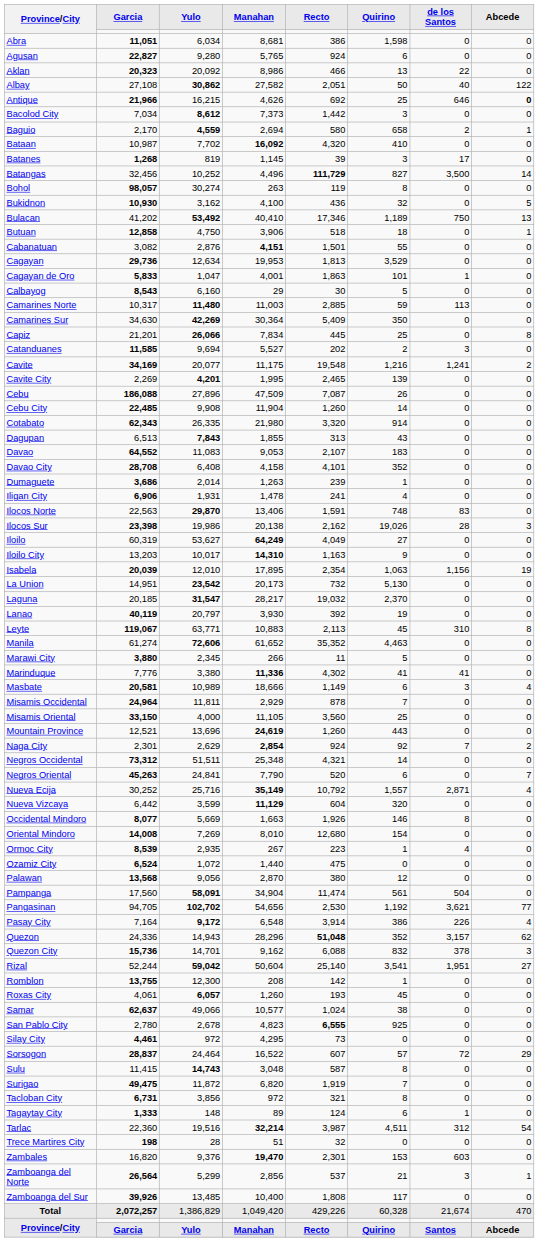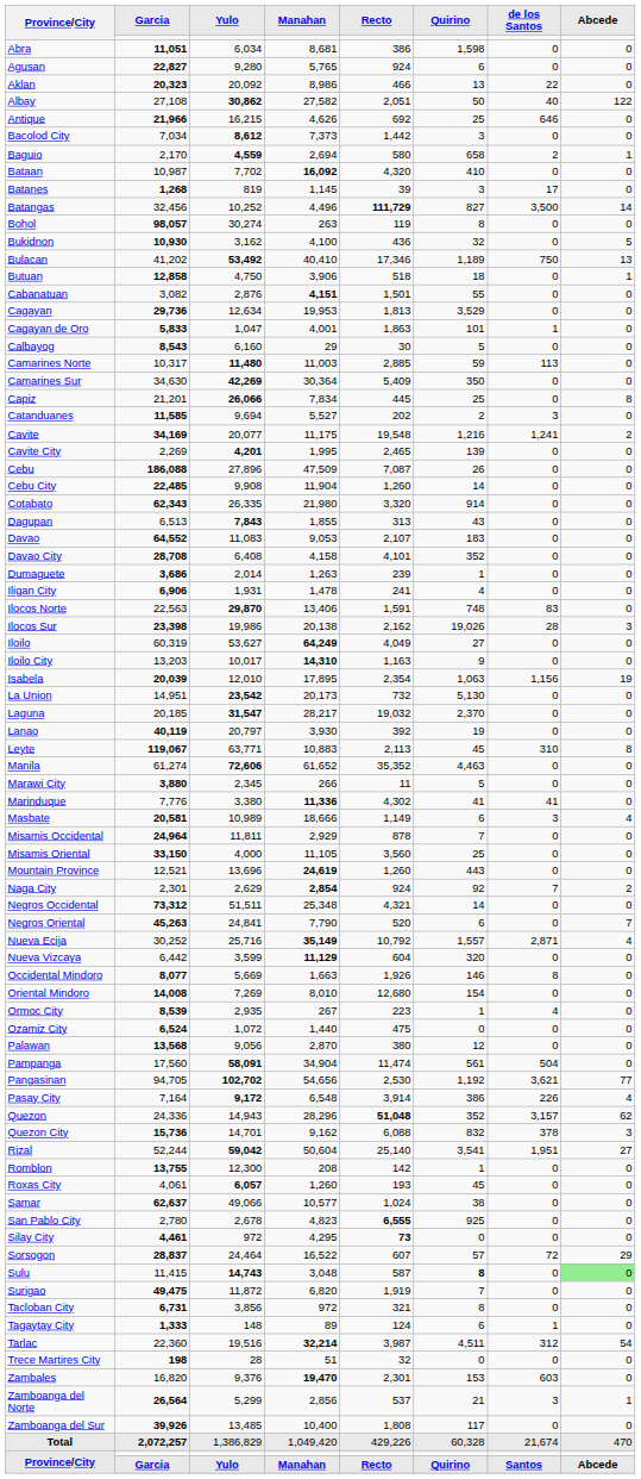 <table class="wikitable" style="text-align:right; font-size:95%">
 <tr>
 <th rowspan="2" align="left" width="150px"><a href='#'>Province</a>/<a href='#'>City</a></th>
 <th align="center" width="100px" style="background: #E9E9E9"><a href='#'>Garcia</a></th>
 <th align="center" width="100px" style="background: #E9E9E9"><a href='#'>Yulo</a></th>
 <th align="center" width="100px" style="background: #E9E9E9"><a href='#'>Manahan</a></th>
 <th align="center" width="100px" style="background: #E9E9E9"><a href='#'>Recto</a></th>
 <th align="center" width="100px" style="background: #E9E9E9"><a href='#'>Quirino</a></th>
 <th align="center" width="100px" style="background: #E9E9E9"><a href='#'>de los Santos</a></th>
 <th align="center" width="100px" style="background: #E9E9E9">Abcede</th>
 </tr>
 <tr>
 <td></td>
 <td></td>
 <td></td>
 <td></td>
 <td></td>
 <td></td>
 <td></td>
 </tr>
 <tr>
 <td align="left"><a href='#'>Abra</a></td>
 <td><strong>11,051</strong></td>
 <td>6,034</td>
 <td>8,681</td>
 <td>386</td>
 <td>1,598</td>
 <td>0</td>
 <td>0</td>
 </tr>
 <tr>
 <td align="left"><a href='#'>Agusan</a></td>
 <td><strong>22,827</strong></td>
 <td>9,280</td>
 <td>5,765</td>
 <td>924</td>
 <td>6</td>
 <td>0</td>
 <td>0</td>
 </tr>
 <tr>
 <td align="left"><a href='#'>Aklan</a></td>
 <td><strong>20,323</strong></td>
 <td>20,092</td>
 <td>8,986</td>
 <td>466</td>
 <td>13</td>
 <td>22</td>
 <td>0</td>
 </tr>
 <tr>
 <td align="left"><a href='#'>Albay</a></td>
 <td>27,108</td>
 <td><strong>30,862</strong></td>
 <td>27,582</td>
 <td>2,051</td>
 <td>50</td>
 <td>40</td>
 <td>122</td>
 </tr>
 <tr>
 <td align="left"><a href='#'>Antique</a></td>
 <td><strong>21,966</strong></td>
 <td>16,215</td>
 <td>4,626</td>
 <td>692</td>
 <td>25</td>
 <td>646</td>
-<td><strong>0</strong></td>
+<td>0</td>
 </tr>
 <tr>
 <td align="left"><a href='#'>Bacolod City</a></td>
 <td>7,034</td>
 <td><strong>8,612</strong></td>
 <td>7,373</td>
 <td>1,442</td>
 <td>3</td>
 <td>0</td>
 <td>0</td>
 </tr>
 <tr>
 <td align="left"><a href='#'>Baguio</a></td>
 <td>2,170</td>
 <td><strong>4,559</strong></td>
 <td>2,694</td>
 <td>580</td>
 <td>658</td>
 <td>2</td>
 <td>1</td>
 </tr>
 <tr>
 <td align="left"><a href='#'>Bataan</a></td>
 <td>10,987</td>
 <td>7,702</td>
 <td><strong>16,092</strong></td>
 <td>4,320</td>
 <td>410</td>
 <td>0</td>
 <td>0</td>
 </tr>
 <tr>
 <td align="left"><a href='#'>Batanes</a></td>
 <td><strong>1,268</strong></td>
 <td>819</td>
 <td>1,145</td>
 <td>39</td>
 <td>3</td>
 <td>17</td>
 <td>0</td>
 </tr>
 <tr>
 <td align="left"><a href='#'>Batangas</a></td>
 <td>32,456</td>
 <td>10,252</td>
 <td>4,496</td>
 <td><strong>111,729</strong></td>
 <td>827</td>
 <td>3,500</td>
 <td>14</td>
 </tr>
 <tr>
 <td align="left"><a href='#'>Bohol</a></td>
 <td><strong>98,057</strong></td>
 <td>30,274</td>
 <td>263</td>
 <td>119</td>
 <td>8</td>
 <td>0</td>
 <td>0</td>
 </tr>
 <tr>
 <td align="left"><a href='#'>Bukidnon</a></td>
 <td><strong>10,930</strong></td>
 <td>3,162</td>
 <td>4,100</td>
 <td>436</td>
 <td>32</td>
 <td>0</td>
 <td>5</td>
 </tr>
 <tr>
 <td align="left"><a href='#'>Bulacan</a></td>
 <td>41,202</td>
 <td><strong>53,492</strong></td>
 <td>40,410</td>
 <td>17,346</td>
 <td>1,189</td>
 <td>750</td>
 <td>13</td>
 </tr>
 <tr>
 <td align="left"><a href='#'>Butuan</a></td>
 <td><strong>12,858</strong></td>
 <td>4,750</td>
 <td>3,906</td>
 <td>518</td>
 <td>18</td>
 <td>0</td>
 <td>1</td>
 </tr>
 <tr>
 <td align="left"><a href='#'>Cabanatuan</a></td>
 <td>3,082</td>
 <td>2,876</td>
 <td><strong>4,151</strong></td>
 <td>1,501</td>
 <td>55</td>
 <td>0</td>
 <td>0</td>
 </tr>
 <tr>
 <td align="left"><a href='#'>Cagayan</a></td>
 <td><strong>29,736</strong></td>
 <td>12,634</td>
 <td>19,953</td>
 <td>1,813</td>
 <td>3,529</td>
 <td>0</td>
 <td>0</td>
 </tr>
 <tr>
 <td align="left"><a href='#'>Cagayan de Oro</a></td>
 <td><strong>5,833</strong></td>
 <td>1,047</td>
 <td>4,001</td>
 <td>1,863</td>
 <td>101</td>
 <td>1</td>
 <td>0</td>
 </tr>
 <tr>
 <td align="left"><a href='#'>Calbayog</a></td>
 <td><strong>8,543</strong></td>
 <td>6,160</td>
 <td>29</td>
 <td>30</td>
 <td>5</td>
 <td>0</td>
 <td>0</td>
 </tr>
 <tr>
 <td align="left"><a href='#'>Camarines Norte</a></td>
 <td>10,317</td>
 <td><strong>11,480</strong></td>
 <td>11,003</td>
 <td>2,885</td>
 <td>59</td>
 <td>113</td>
 <td>0</td>
 </tr>
 <tr>
 <td align="left"><a href='#'>Camarines Sur</a></td>
 <td>34,630</td>
 <td><strong>42,269</strong></td>
 <td>30,364</td>
 <td>5,409</td>
 <td>350</td>
 <td>0</td>
 <td>0</td>
 </tr>
 <tr>
 <td align="left"><a href='#'>Capiz</a></td>
 <td>21,201</td>
 <td><strong>26,066</strong></td>
 <td>7,834</td>
 <td>445</td>
 <td>25</td>
 <td>0</td>
 <td>8</td>
 </tr>
 <tr>
 <td align="left"><a href='#'>Catanduanes</a></td>
 <td><strong>11,585</strong></td>
 <td>9,694</td>
 <td>5,527</td>
 <td>202</td>
 <td>2</td>
 <td>3</td>
 <td>0</td>
 </tr>
 <tr>
 <td align="left"><a href='#'>Cavite</a></td>
 <td><strong>34,169</strong></td>
 <td>20,077</td>
 <td>11,175</td>
 <td>19,548</td>
 <td>1,216</td>
 <td>1,241</td>
 <td>2</td>
 </tr>
 <tr>
 <td align="left"><a href='#'>Cavite City</a></td>
 <td>2,269</td>
 <td><strong>4,201</strong></td>
 <td>1,995</td>
 <td>2,465</td>
 <td>139</td>
 <td>0</td>
 <td>0</td>
 </tr>
 <tr>
 <td align="left"><a href='#'>Cebu</a></td>
 <td><strong>186,088</strong></td>
 <td>27,896</td>
 <td>47,509</td>
 <td>7,087</td>
 <td>26</td>
 <td>0</td>
 <td>0</td>
 </tr>
 <tr>
 <td align="left"><a href='#'>Cebu City</a></td>
 <td><strong>22,485</strong></td>
 <td>9,908</td>
 <td>11,904</td>
 <td>1,260</td>
 <td>14</td>
 <td>0</td>
 <td>0</td>
 </tr>
 <tr>
 <td align="left"><a href='#'>Cotabato</a></td>
 <td><strong>62,343</strong></td>
 <td>26,335</td>
 <td>21,980</td>
 <td>3,320</td>
 <td>914</td>
 <td>0</td>
 <td>0</td>
 </tr>
 <tr>
 <td align="left"><a href='#'>Dagupan</a></td>
 <td>6,513</td>
 <td><strong>7,843</strong></td>
 <td>1,855</td>
 <td>313</td>
 <td>43</td>
 <td>0</td>
 <td>0</td>
 </tr>
 <tr>
 <td align="left"><a href='#'>Davao</a></td>
 <td><strong>64,552</strong></td>
 <td>11,083</td>
 <td>9,053</td>
 <td>2,107</td>
 <td>183</td>
 <td>0</td>
 <td>0</td>
 </tr>
 <tr>
 <td align="left"><a href='#'>Davao City</a></td>
 <td><strong>28,708</strong></td>
 <td>6,408</td>
 <td>4,158</td>
 <td>4,101</td>
 <td>352</td>
 <td>0</td>
 <td>0</td>
 </tr>
 <tr>
 <td align="left"><a href='#'>Dumaguete</a></td>
 <td><strong>3,686</strong></td>
 <td>2,014</td>
 <td>1,263</td>
 <td>239</td>
 <td>1</td>
 <td>0</td>
 <td>0</td>
 </tr>
 <tr>
 <td align="left"><a href='#'>Iligan City</a></td>
 <td><strong>6,906</strong></td>
 <td>1,931</td>
 <td>1,478</td>
 <td>241</td>
 <td>4</td>
 <td>0</td>
 <td>0</td>
 </tr>
 <tr>
 <td align="left"><a href='#'>Ilocos Norte</a></td>
 <td>22,563</td>
 <td><strong>29,870</strong></td>
 <td>13,406</td>
 <td>1,591</td>
 <td>748</td>
 <td>83</td>
 <td>0</td>
 </tr>
 <tr>
 <td align="left"><a href='#'>Ilocos Sur</a></td>
 <td><strong>23,398</strong></td>
 <td>19,986</td>
 <td>20,138</td>
 <td>2,162</td>
 <td>19,026</td>
 <td>28</td>
 <td>3</td>
 </tr>
 <tr>
 <td align="left"><a href='#'>Iloilo</a></td>
 <td>60,319</td>
 <td>53,627</td>
 <td><strong>64,249</strong></td>
 <td>4,049</td>
 <td>27</td>
 <td>0</td>
 <td>0</td>
 </tr>
 <tr>
 <td align="left"><a href='#'>Iloilo City</a></td>
 <td>13,203</td>
 <td>10,017</td>
 <td><strong>14,310</strong></td>
 <td>1,163</td>
 <td>9</td>
 <td>0</td>
 <td>0</td>
 </tr>
 <tr>
 <td align="left"><a href='#'>Isabela</a></td>
 <td><strong>20,039</strong></td>
 <td>12,010</td>
 <td>17,895</td>
 <td>2,354</td>
 <td>1,063</td>
 <td>1,156</td>
 <td>19</td>
 </tr>
 <tr>
 <td align="left"><a href='#'>La Union</a></td>
 <td>14,951</td>
 <td><strong>23,542</strong></td>
 <td>20,173</td>
 <td>732</td>
 <td>5,130</td>
 <td>0</td>
 <td>0</td>
 </tr>
 <tr>
 <td align="left"><a href='#'>Laguna</a></td>
 <td>20,185</td>
 <td><strong>31,547</strong></td>
 <td>28,217</td>
 <td>19,032</td>
 <td>2,370</td>
 <td>0</td>
 <td>0</td>
 </tr>
 <tr>
 <td align="left"><a href='#'>Lanao</a></td>
 <td><strong>40,119</strong></td>
 <td>20,797</td>
 <td>3,930</td>
 <td>392</td>
 <td>19</td>
 <td>0</td>
 <td>0</td>
 </tr>
 <tr>
 <td align="left"><a href='#'>Leyte</a></td>
 <td><strong>119,067</strong></td>
 <td>63,771</td>
 <td>10,883</td>
 <td>2,113</td>
 <td>45</td>
 <td>310</td>
 <td>8</td>
 </tr>
 <tr>
 <td align="left"><a href='#'>Manila</a></td>
 <td>61,274</td>
 <td><strong>72,606</strong></td>
 <td>61,652</td>
 <td>35,352</td>
 <td>4,463</td>
 <td>0</td>
 <td>0</td>
 </tr>
 <tr>
 <td align="left"><a href='#'>Marawi City</a></td>
 <td><strong>3,880</strong></td>
 <td>2,345</td>
 <td>266</td>
 <td>11</td>
 <td>5</td>
 <td>0</td>
 <td>0</td>
 </tr>
 <tr>
 <td align="left"><a href='#'>Marinduque</a></td>
 <td>7,776</td>
 <td>3,380</td>
 <td><strong>11,336</strong></td>
 <td>4,302</td>
 <td>41</td>
 <td>41</td>
 <td>0</td>
 </tr>
 <tr>
 <td align="left"><a href='#'>Masbate</a></td>
 <td><strong>20,581</strong></td>
 <td>10,989</td>
 <td>18,666</td>
 <td>1,149</td>
 <td>6</td>
 <td>3</td>
 <td>4</td>
 </tr>
 <tr>
 <td align="left"><a href='#'>Misamis Occidental</a></td>
 <td><strong>24,964</strong></td>
 <td>11,811</td>
 <td>2,929</td>
 <td>878</td>
 <td>7</td>
 <td>0</td>
 <td>0</td>
 </tr>
 <tr>
 <td align="left"><a href='#'>Misamis Oriental</a></td>
 <td><strong>33,150</strong></td>
 <td>4,000</td>
 <td>11,105</td>
 <td>3,560</td>
 <td>25</td>
 <td>0</td>
 <td>0</td>
 </tr>
 <tr>
 <td align="left"><a href='#'>Mountain Province</a></td>
 <td>12,521</td>
 <td>13,696</td>
 <td><strong>24,619</strong></td>
 <td>1,260</td>
 <td>443</td>
 <td>0</td>
 <td>0</td>
 </tr>
 <tr>
 <td align="left"><a href='#'>Naga City</a></td>
 <td>2,301</td>
 <td>2,629</td>
 <td><strong>2,854</strong></td>
 <td>924</td>
 <td>92</td>
 <td>7</td>
 <td>2</td>
 </tr>
 <tr>
 <td align="left"><a href='#'>Negros Occidental</a></td>
 <td><strong>73,312</strong></td>
 <td>51,511</td>
 <td>25,348</td>
 <td>4,321</td>
 <td>14</td>
 <td>0</td>
 <td>0</td>
 </tr>
 <tr>
 <td align="left"><a href='#'>Negros Oriental</a></td>
 <td><strong>45,263</strong></td>
 <td>24,841</td>
 <td>7,790</td>
 <td>520</td>
 <td>6</td>
 <td>0</td>
 <td>7</td>
 </tr>
 <tr>
 <td align="left"><a href='#'>Nueva Ecija</a></td>
 <td>30,252</td>
 <td>25,716</td>
 <td><strong>35,149</strong></td>
 <td>10,792</td>
 <td>1,557</td>
 <td>2,871</td>
 <td>4</td>
 </tr>
 <tr>
 <td align="left"><a href='#'>Nueva Vizcaya</a></td>
 <td>6,442</td>
 <td>3,599</td>
 <td><strong>11,129</strong></td>
 <td>604</td>
 <td>320</td>
 <td>0</td>
 <td>0</td>
 </tr>
 <tr>
 <td align="left"><a href='#'>Occidental Mindoro</a></td>
 <td><strong>8,077</strong></td>
 <td>5,669</td>
 <td>1,663</td>
 <td>1,926</td>
 <td>146</td>
 <td>8</td>
 <td>0</td>
 </tr>
 <tr>
 <td align="left"><a href='#'>Oriental Mindoro</a></td>
 <td><strong>14,008</strong></td>
 <td>7,269</td>
 <td>8,010</td>
 <td>12,680</td>
 <td>154</td>
 <td>0</td>
 <td>0</td>
 </tr>
 <tr>
 <td align="left"><a href='#'>Ormoc City</a></td>
 <td><strong>8,539</strong></td>
 <td>2,935</td>
 <td>267</td>
 <td>223</td>
 <td>1</td>
 <td>4</td>
 <td>0</td>
 </tr>
 <tr>
 <td align="left"><a href='#'>Ozamiz City</a></td>
 <td><strong>6,524</strong></td>
 <td>1,072</td>
 <td>1,440</td>
 <td>475</td>
 <td>0</td>
 <td>0</td>
 <td>0</td>
 </tr>
 <tr>
 <td align="left"><a href='#'>Palawan</a></td>
 <td><strong>13,568</strong></td>
 <td>9,056</td>
 <td>2,870</td>
 <td>380</td>
 <td>12</td>
 <td>0</td>
 <td>0</td>
 </tr>
 <tr>
 <td align="left"><a href='#'>Pampanga</a></td>
 <td>17,560</td>
 <td><strong>58,091</strong></td>
 <td>34,904</td>
 <td>11,474</td>
 <td>561</td>
 <td>504</td>
 <td>0</td>
 </tr>
 <tr>
 <td align="left"><a href='#'>Pangasinan</a></td>
 <td>94,705</td>
 <td><strong>102,702</strong></td>
 <td>54,656</td>
 <td>2,530</td>
 <td>1,192</td>
 <td>3,621</td>
 <td>77</td>
 </tr>
 <tr>
 <td align="left"><a href='#'>Pasay City</a></td>
 <td>7,164</td>
 <td><strong>9,172</strong></td>
 <td>6,548</td>
 <td>3,914</td>
 <td>386</td>
 <td>226</td>
 <td>4</td>
 </tr>
 <tr>
 <td align="left"><a href='#'>Quezon</a></td>
 <td>24,336</td>
 <td>14,943</td>
 <td>28,296</td>
 <td><strong>51,048</strong></td>
 <td>352</td>
 <td>3,157</td>
 <td>62</td>
 </tr>
 <tr>
 <td align="left"><a href='#'>Quezon City</a></td>
 <td><strong>15,736</strong></td>
 <td>14,701</td>
 <td>9,162</td>
 <td>6,088</td>
 <td>832</td>
 <td>378</td>
 <td>3</td>
 </tr>
 <tr>
 <td align="left"><a href='#'>Rizal</a></td>
 <td>52,244</td>
 <td><strong>59,042</strong></td>
 <td>50,604</td>
 <td>25,140</td>
 <td>3,541</td>
 <td>1,951</td>
 <td>27</td>
 </tr>
 <tr>
 <td align="left"><a href='#'>Romblon</a></td>
 <td><strong>13,755</strong></td>
 <td>12,300</td>
 <td>208</td>
 <td>142</td>
 <td>1</td>
 <td>0</td>
 <td>0</td>
 </tr>
 <tr>
 <td align="left"><a href='#'>Roxas City</a></td>
 <td>4,061</td>
 <td><strong>6,057</strong></td>
 <td>1,260</td>
 <td>193</td>
 <td>45</td>
 <td>0</td>
 <td>0</td>
 </tr>
 <tr>
 <td align="left"><a href='#'>Samar</a></td>
 <td><strong>62,637</strong></td>
 <td>49,066</td>
 <td>10,577</td>
 <td>1,024</td>
 <td>38</td>
 <td>0</td>
 <td>0</td>
 </tr>
 <tr>
 <td align="left"><a href='#'>San Pablo City</a></td>
 <td>2,780</td>
 <td>2,678</td>
 <td>4,823</td>
 <td><strong>6,555</strong></td>
 <td>925</td>
 <td>0</td>
 <td>0</td>
 </tr>
 <tr>
 <td align="left"><a href='#'>Silay City</a></td>
 <td><strong>4,461</strong></td>
 <td>972</td>
 <td>4,295</td>
-<td>73</td>
+<td><strong>73</strong></td>
 <td>0</td>
 <td>0</td>
 <td>0</td>
 </tr>
 <tr>
 <td align="left"><a href='#'>Sorsogon</a></td>
 <td><strong>28,837</strong></td>
 <td>24,464</td>
 <td>16,522</td>
 <td>607</td>
 <td>57</td>
 <td>72</td>
 <td>29</td>
 </tr>
 <tr>
 <td align="left"><a href='#'>Sulu</a></td>
 <td>11,415</td>
 <td><strong>14,743</strong></td>
 <td>3,048</td>
 <td>587</td>
-<td>8</td>
+<td><strong>8</strong></td>
 <td>0</td>
-<td>0</td>
+<td style="background: lightgreen;">0</td>
 </tr>
 <tr>
 <td align="left"><a href='#'>Surigao</a></td>
 <td><strong>49,475</strong></td>
 <td>11,872</td>
 <td>6,820</td>
 <td>1,919</td>
 <td>7</td>
 <td>0</td>
 <td>0</td>
 </tr>
 <tr>
 <td align="left"><a href='#'>Tacloban City</a></td>
 <td><strong>6,731</strong></td>
 <td>3,856</td>
 <td>972</td>
 <td>321</td>
 <td>8</td>
 <td>0</td>
 <td>0</td>
 </tr>
 <tr>
 <td align="left"><a href='#'>Tagaytay City</a></td>
 <td><strong>1,333</strong></td>
 <td>148</td>
 <td>89</td>
 <td>124</td>
 <td>6</td>
 <td>1</td>
 <td>0</td>
 </tr>
 <tr>
 <td align="left"><a href='#'>Tarlac</a></td>
 <td>22,360</td>
 <td>19,516</td>
 <td><strong>32,214</strong></td>
 <td>3,987</td>
 <td>4,511</td>
 <td>312</td>
 <td>54</td>
 </tr>
 <tr>
 <td align="left"><a href='#'>Trece Martires City</a></td>
 <td><strong>198</strong></td>
 <td>28</td>
 <td>51</td>
 <td>32</td>
 <td>0</td>
 <td>0</td>
 <td>0</td>
 </tr>
 <tr>
 <td align="left"><a href='#'>Zambales</a></td>
 <td>16,820</td>
 <td>9,376</td>
 <td><strong>19,470</strong></td>
 <td>2,301</td>
 <td>153</td>
 <td>603</td>
 <td>0</td>
 </tr>
 <tr>
 <td align="left"><a href='#'>Zamboanga del Norte</a></td>
 <td><strong>26,564</strong></td>
 <td>5,299</td>
 <td>2,856</td>
 <td>537</td>
 <td>21</td>
 <td>3</td>
 <td>1</td>
 </tr>
 <tr>
 <td align="left"><a href='#'>Zamboanga del Sur</a></td>
 <td><strong>39,926</strong></td>
 <td>13,485</td>
 <td>10,400</td>
 <td>1,808</td>
 <td>117</td>
 <td>0</td>
 <td>0</td>
 </tr>
 <tr style="background:#E9E9E9">
 <td align="center"><strong>Total</strong></td>
 <td><strong>2,072,257</strong></td>
 <td>1,386,829</td>
 <td>1,049,420</td>
 <td>429,226</td>
 <td>60,328</td>
 <td>21,674</td>
 <td>470</td>
 </tr>
 <tr>
 <th rowspan="2" align="left" width="150px" style="background: #E9E9E9"><a href='#'>Province</a>/<a href='#'>City</a></th>
 <td></td>
 <td></td>
 <td></td>
 <td></td>
 <td></td>
 <td></td>
 <td></td>
 </tr>
 <tr bgcolor="#cccccc">
 <th align="center" width="100px" style="background: #E9E9E9"><a href='#'>Garcia</a></th>
 <th align="center" width="100px" style="background: #E9E9E9"><a href='#'>Yulo</a></th>
 <th align="center" width="100px" style="background: #E9E9E9"><a href='#'>Manahan</a></th>
 <th align="center" width="100px" style="background: #E9E9E9"><a href='#'>Recto</a></th>
 <th align="center" width="100px" style="background: #E9E9E9"><a href='#'>Quirino</a></th>
 <th align="center" width="100px" style="background: #E9E9E9"><a href='#'>Santos</a></th>
 <th align="center" width="100px" style="background: #E9E9E9">Abcede</th>
 </tr>
 </table>
